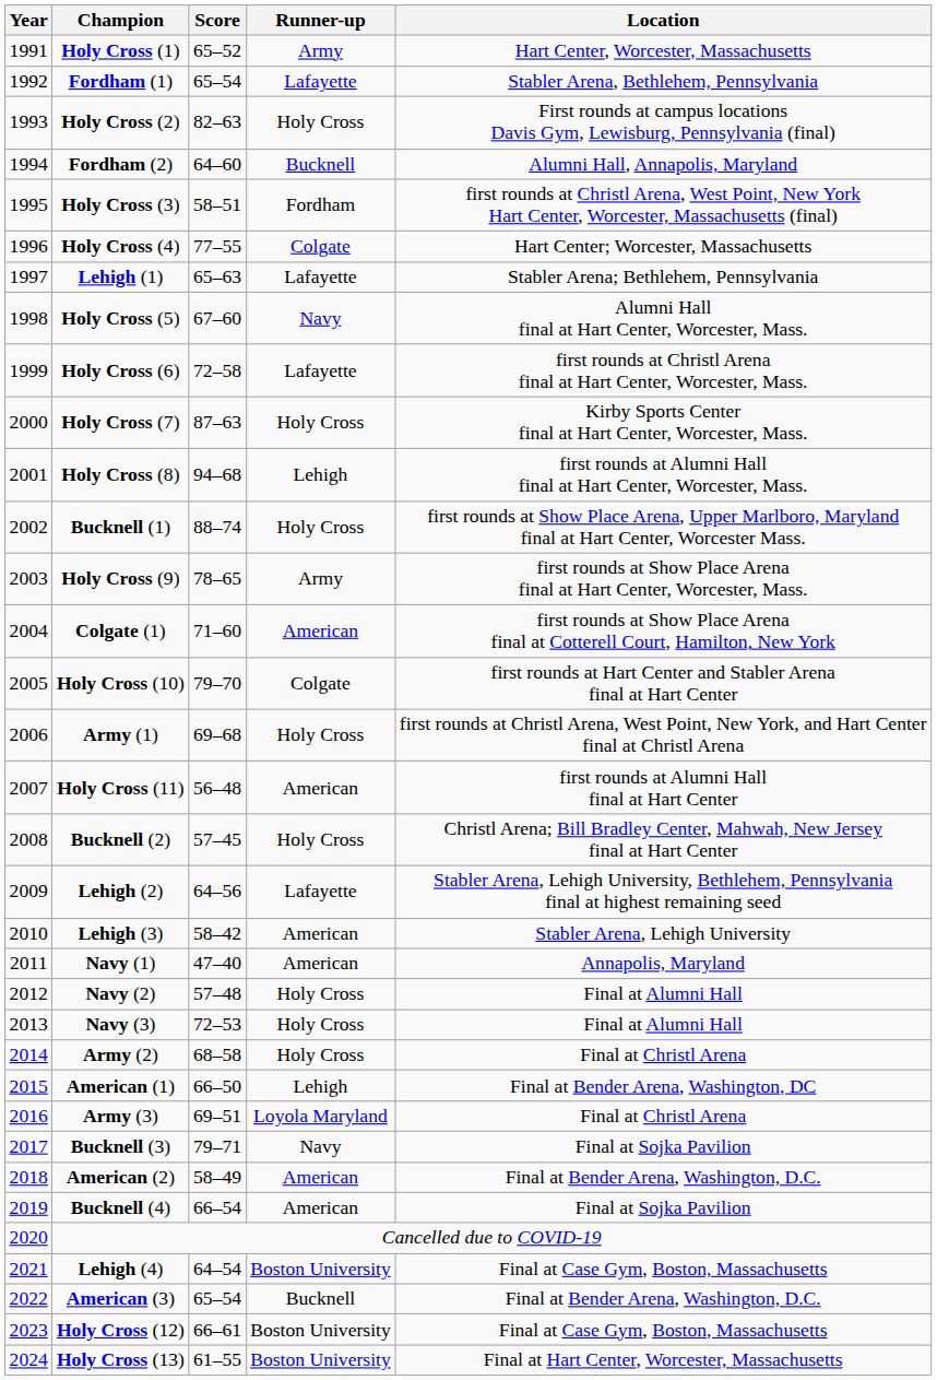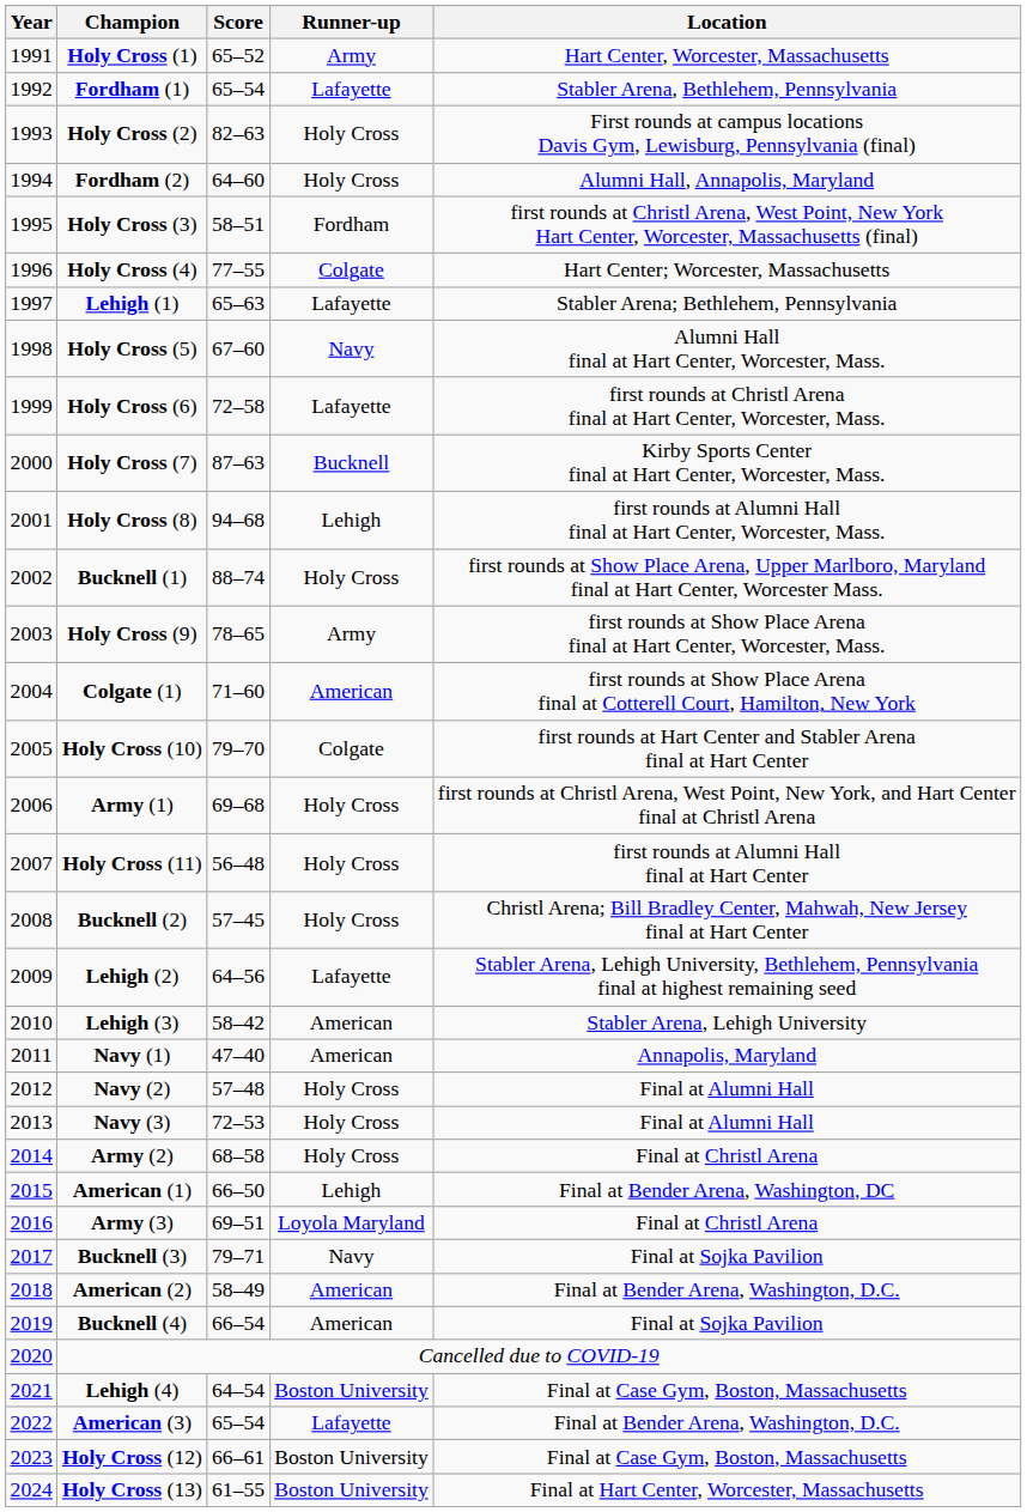 <table class="wikitable sortable" style="text-align:center">
 <tr>
 <th width=px>Year</th>
 <th width=px>Champion</th>
 <th width=px>Score</th>
 <th width=px>Runner-up</th>
 <th width=px>Location</th>
 </tr>
 <tr>
 <td>1991</td>
 <td><strong><a href='#'>Holy Cross</a></strong> (1)</td>
 <td>65–52</td>
 <td><a href='#'>Army</a></td>
 <td><a href='#'>Hart Center</a>, <a href='#'>Worcester, Massachusetts</a></td>
 </tr>
 <tr>
 <td>1992</td>
 <td><strong><a href='#'>Fordham</a></strong> (1)</td>
 <td>65–54</td>
 <td><a href='#'>Lafayette</a></td>
 <td><a href='#'>Stabler Arena</a>, <a href='#'>Bethlehem, Pennsylvania</a></td>
 </tr>
 <tr>
 <td>1993</td>
 <td><strong>Holy Cross</strong> (2)</td>
 <td>82–63</td>
 <td>Holy Cross</td>
 <td>First rounds at campus locations<br><a href='#'>Davis Gym</a>, <a href='#'>Lewisburg, Pennsylvania</a> (final)</td>
 </tr>
 <tr>
 <td>1994</td>
 <td><strong>Fordham</strong> (2)</td>
 <td>64–60</td>
-<td><a href='#'>Bucknell</a></td>
+<td>Holy Cross</td>
 <td><a href='#'>Alumni Hall</a>, <a href='#'>Annapolis, Maryland</a></td>
 </tr>
 <tr>
 <td>1995</td>
 <td><strong>Holy Cross</strong> (3)</td>
 <td>58–51</td>
 <td>Fordham</td>
 <td>first rounds at <a href='#'>Christl Arena</a>, <a href='#'>West Point, New York</a><br><a href='#'>Hart Center</a>, <a href='#'>Worcester, Massachusetts</a> (final)</td>
 </tr>
 <tr>
 <td>1996</td>
 <td><strong>Holy Cross</strong> (4)</td>
 <td>77–55</td>
 <td><a href='#'>Colgate</a></td>
 <td>Hart Center; Worcester, Massachusetts</td>
 </tr>
 <tr>
 <td>1997</td>
 <td><strong><a href='#'>Lehigh</a></strong> (1)</td>
 <td>65–63</td>
 <td>Lafayette</td>
 <td>Stabler Arena; Bethlehem, Pennsylvania</td>
 </tr>
 <tr>
 <td>1998</td>
 <td><strong>Holy Cross</strong> (5)</td>
 <td>67–60</td>
 <td><a href='#'>Navy</a></td>
 <td>Alumni Hall<br>final at Hart Center, Worcester, Mass.</td>
 </tr>
 <tr>
 <td>1999</td>
 <td><strong>Holy Cross</strong> (6)</td>
 <td>72–58</td>
 <td>Lafayette</td>
 <td>first rounds at Christl Arena<br>final at Hart Center, Worcester, Mass.</td>
 </tr>
 <tr>
 <td>2000</td>
 <td><strong>Holy Cross</strong> (7)</td>
 <td>87–63</td>
-<td>Holy Cross</td>
+<td><a href='#'>Bucknell</a></td>
 <td>Kirby Sports Center<br>final at Hart Center, Worcester, Mass.</td>
 </tr>
 <tr>
 <td>2001</td>
 <td><strong>Holy Cross</strong> (8)</td>
 <td>94–68</td>
 <td>Lehigh</td>
 <td>first rounds at Alumni Hall<br>final at Hart Center, Worcester, Mass.</td>
 </tr>
 <tr>
 <td>2002</td>
 <td><strong>Bucknell</strong> (1)</td>
 <td>88–74</td>
 <td>Holy Cross</td>
 <td>first rounds at <a href='#'>Show Place Arena</a>, <a href='#'>Upper Marlboro, Maryland</a><br>final at Hart Center, Worcester Mass.</td>
 </tr>
 <tr>
 <td>2003</td>
 <td><strong>Holy Cross</strong> (9)</td>
 <td>78–65</td>
 <td>Army</td>
 <td>first rounds at Show Place Arena<br>final at Hart Center, Worcester, Mass.</td>
 </tr>
 <tr>
 <td>2004</td>
 <td><strong>Colgate</strong> (1)</td>
 <td>71–60</td>
 <td><a href='#'>American</a></td>
 <td>first rounds at Show Place Arena<br>final at <a href='#'>Cotterell Court</a>, <a href='#'>Hamilton, New York</a></td>
 </tr>
 <tr>
 <td>2005</td>
 <td><strong>Holy Cross</strong> (10)</td>
 <td>79–70</td>
 <td>Colgate</td>
 <td>first rounds at Hart Center and Stabler Arena<br>final at Hart Center</td>
 </tr>
 <tr>
 <td>2006</td>
 <td><strong>Army</strong> (1)</td>
 <td>69–68</td>
 <td>Holy Cross</td>
 <td>first rounds at Christl Arena, West Point, New York, and Hart Center<br>final at Christl Arena</td>
 </tr>
 <tr>
 <td>2007</td>
 <td><strong>Holy Cross</strong> (11)</td>
 <td>56–48</td>
-<td>American</td>
+<td>Holy Cross</td>
 <td>first rounds at Alumni Hall<br>final at Hart Center</td>
 </tr>
 <tr>
 <td>2008</td>
 <td><strong>Bucknell</strong> (2)</td>
 <td>57–45</td>
 <td>Holy Cross</td>
 <td>Christl Arena; <a href='#'>Bill Bradley Center</a>, <a href='#'>Mahwah, New Jersey</a><br>final at Hart Center</td>
 </tr>
 <tr>
 <td>2009</td>
 <td><strong>Lehigh</strong> (2)</td>
 <td>64–56</td>
 <td>Lafayette</td>
 <td><a href='#'>Stabler Arena</a>, Lehigh University, <a href='#'>Bethlehem, Pennsylvania</a><br>final at highest remaining seed</td>
 </tr>
 <tr>
 <td>2010</td>
 <td><strong>Lehigh</strong> (3)</td>
 <td>58–42</td>
 <td>American</td>
 <td><a href='#'>Stabler Arena</a>, Lehigh University</td>
 </tr>
 <tr>
 <td>2011</td>
 <td><strong>Navy</strong> (1)</td>
 <td>47–40</td>
 <td>American</td>
 <td><a href='#'>Annapolis, Maryland</a></td>
 </tr>
 <tr>
 <td>2012</td>
 <td><strong>Navy</strong> (2)</td>
 <td>57–48</td>
 <td>Holy Cross</td>
 <td>Final at <a href='#'>Alumni Hall</a></td>
 </tr>
 <tr>
 <td>2013</td>
 <td><strong>Navy</strong> (3)</td>
 <td>72–53</td>
 <td>Holy Cross</td>
 <td>Final at <a href='#'>Alumni Hall</a></td>
 </tr>
 <tr>
 <td><a href='#'>2014</a></td>
 <td><strong>Army</strong> (2)</td>
 <td>68–58</td>
 <td>Holy Cross</td>
 <td>Final at <a href='#'>Christl Arena</a></td>
 </tr>
 <tr>
 <td><a href='#'>2015</a></td>
 <td><strong>American</strong> (1)</td>
 <td>66–50</td>
 <td>Lehigh</td>
 <td>Final at <a href='#'>Bender Arena</a>, <a href='#'>Washington, DC</a></td>
 </tr>
 <tr>
 <td><a href='#'>2016</a></td>
 <td><strong>Army</strong> (3)</td>
 <td>69–51</td>
 <td><a href='#'>Loyola Maryland</a></td>
 <td>Final at <a href='#'>Christl Arena</a></td>
 </tr>
 <tr>
 <td><a href='#'>2017</a></td>
 <td><strong>Bucknell</strong> (3)</td>
 <td>79–71</td>
 <td>Navy</td>
 <td>Final at <a href='#'>Sojka Pavilion</a></td>
 </tr>
 <tr>
 <td><a href='#'>2018</a></td>
 <td><strong>American</strong> (2)</td>
 <td>58–49</td>
 <td><a href='#'>American</a></td>
 <td>Final at <a href='#'>Bender Arena</a>, <a href='#'>Washington, D.C.</a></td>
 </tr>
 <tr>
 <td><a href='#'>2019</a></td>
 <td><strong>Bucknell</strong> (4)</td>
 <td>66–54</td>
 <td>American</td>
 <td>Final at <a href='#'>Sojka Pavilion</a></td>
 </tr>
 <tr>
 <td><a href='#'>2020</a></td>
 <td colspan=4 align=center><em>Cancelled due to <a href='#'>COVID-19</a></em></td>
 </tr>
 <tr>
 <td><a href='#'>2021</a></td>
 <td><strong>Lehigh</strong> (4)</td>
 <td>64–54</td>
 <td><a href='#'>Boston University</a></td>
 <td>Final at <a href='#'>Case Gym</a>, <a href='#'>Boston, Massachusetts</a></td>
 </tr>
 <tr>
 <td><a href='#'>2022</a></td>
 <td><strong><a href='#'>American</a></strong> (3)</td>
 <td>65–54</td>
-<td>Bucknell</td>
+<td><a href='#'>Lafayette</a></td>
 <td>Final at <a href='#'>Bender Arena</a>, <a href='#'>Washington, D.C.</a></td>
 </tr>
 <tr>
 <td><a href='#'>2023</a></td>
 <td><strong><a href='#'>Holy Cross</a></strong> (12)</td>
 <td>66–61</td>
 <td>Boston University</td>
 <td>Final at <a href='#'>Case Gym</a>, <a href='#'>Boston, Massachusetts</a></td>
 </tr>
 <tr>
 <td><a href='#'>2024</a></td>
 <td><strong><a href='#'>Holy Cross</a></strong> (13)</td>
 <td>61–55</td>
 <td><a href='#'>Boston University</a></td>
 <td>Final at <a href='#'>Hart Center</a>, <a href='#'>Worcester, Massachusetts</a></td>
 </tr>
 </table>
